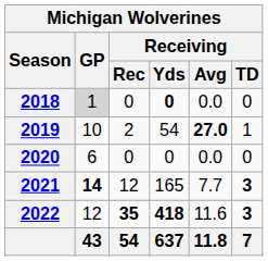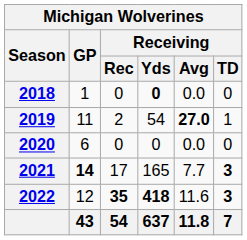 <table class="wikitable" style="text-align:center;">
 <tr>
 <th colspan="6">Michigan Wolverines</th>
 </tr>
 <tr>
 <th rowspan="2">Season</th>
 <th rowspan="2">GP</th>
 <th colspan="4">Receiving</th>
 </tr>
 <tr>
 <th>Rec</th>
 <th>Yds</th>
 <th>Avg</th>
 <th>TD</th>
 </tr>
 <tr>
 <th><a href='#'>2018</a></th>
-<td style="background: lightgrey;">1</td>
+<td>1</td>
 <td>0</td>
 <td><strong>0</strong></td>
 <td>0.0</td>
 <td>0</td>
 </tr>
 <tr>
 <th><a href='#'>2019</a></th>
-<td>10</td>
+<td>11</td>
 <td>2</td>
 <td>54</td>
 <td><strong>27.0</strong></td>
 <td>1</td>
 </tr>
 <tr>
 <th><a href='#'>2020</a></th>
 <td>6</td>
 <td>0</td>
 <td>0</td>
 <td>0.0</td>
 <td>0</td>
 </tr>
 <tr>
 <th><a href='#'>2021</a></th>
 <td><strong>14</strong></td>
-<td>12</td>
+<td>17</td>
 <td>165</td>
 <td>7.7</td>
 <td><strong>3</strong></td>
 </tr>
 <tr>
 <th><a href='#'>2022</a></th>
 <td>12</td>
 <td><strong>35</strong></td>
 <td><strong>418</strong></td>
 <td>11.6</td>
 <td><strong>3</strong></td>
 </tr>
 <tr>
 <th></th>
 <th>43</th>
 <th>54</th>
 <th>637</th>
 <th>11.8</th>
 <th>7</th>
 </tr>
 </table>
